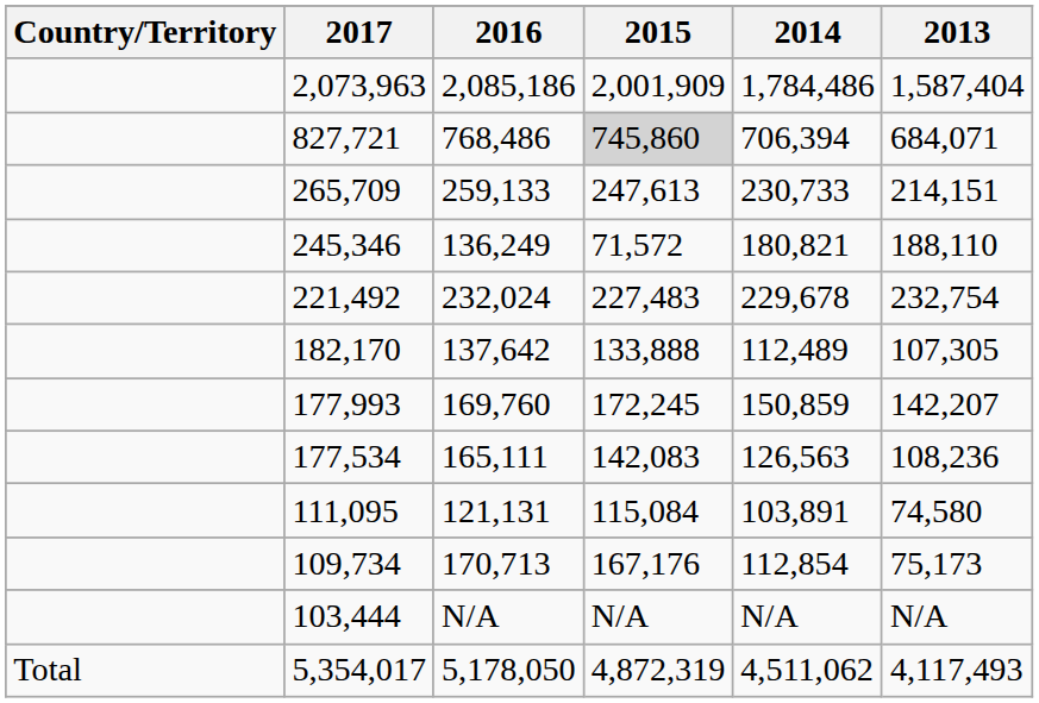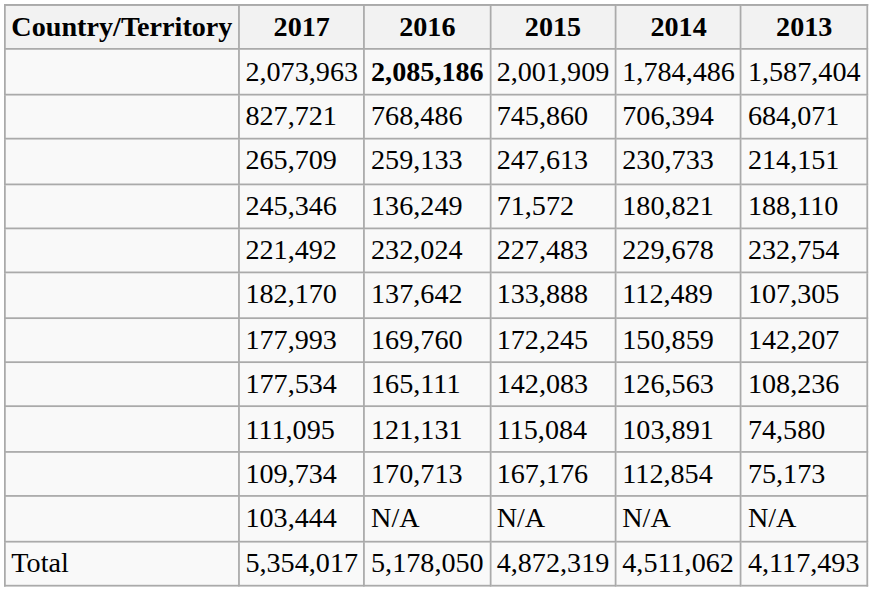 <table class="wikitable sortable">
 <tr>
 </tr>
 <tr>
 <th>Country/Territory</th>
 <th>2017</th>
 <th>2016</th>
 <th>2015</th>
 <th>2014</th>
 <th>2013</th>
 </tr>
 <tr>
 <td></td>
 <td>2,073,963</td>
-<td>2,085,186</td>
+<td><strong>2,085,186</strong></td>
 <td>2,001,909</td>
 <td>1,784,486</td>
 <td>1,587,404</td>
 </tr>
 <tr>
 <td></td>
 <td>827,721</td>
 <td>768,486</td>
-<td style="background: lightgrey;">745,860</td>
+<td>745,860</td>
 <td>706,394</td>
 <td>684,071</td>
 </tr>
 <tr>
 <td></td>
 <td>265,709</td>
 <td>259,133</td>
 <td>247,613</td>
 <td>230,733</td>
 <td>214,151</td>
 </tr>
 <tr>
 <td></td>
 <td>245,346</td>
 <td>136,249</td>
 <td>71,572</td>
 <td>180,821</td>
 <td>188,110</td>
 </tr>
 <tr>
 <td></td>
 <td>221,492</td>
 <td>232,024</td>
 <td>227,483</td>
 <td>229,678</td>
 <td>232,754</td>
 </tr>
 <tr>
 <td></td>
 <td>182,170</td>
 <td>137,642</td>
 <td>133,888</td>
 <td>112,489</td>
 <td>107,305</td>
 </tr>
 <tr>
 <td></td>
 <td>177,993</td>
 <td>169,760</td>
 <td>172,245</td>
 <td>150,859</td>
 <td>142,207</td>
 </tr>
 <tr>
 <td></td>
 <td>177,534</td>
 <td>165,111</td>
 <td>142,083</td>
 <td>126,563</td>
 <td>108,236</td>
 </tr>
 <tr>
 <td></td>
 <td>111,095</td>
 <td>121,131</td>
 <td>115,084</td>
 <td>103,891</td>
 <td>74,580</td>
 </tr>
 <tr>
 <td></td>
 <td>109,734</td>
 <td>170,713</td>
 <td>167,176</td>
 <td>112,854</td>
 <td>75,173</td>
 </tr>
 <tr>
 <td></td>
 <td>103,444</td>
 <td>N/A</td>
 <td>N/A</td>
 <td>N/A</td>
 <td>N/A</td>
 </tr>
 <tr>
 <td>Total</td>
 <td>5,354,017</td>
 <td>5,178,050</td>
 <td>4,872,319</td>
 <td>4,511,062</td>
 <td>4,117,493</td>
 </tr>
 </table>
